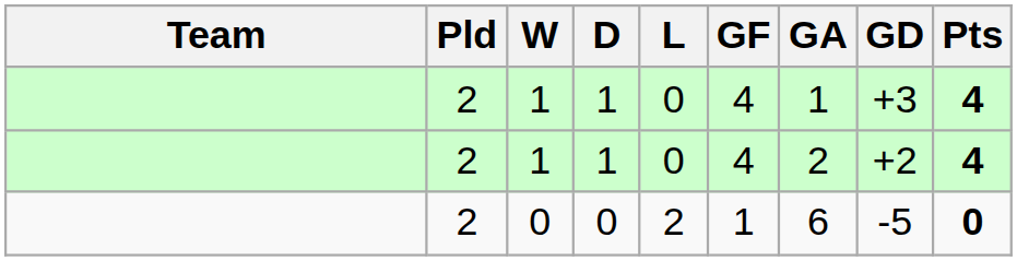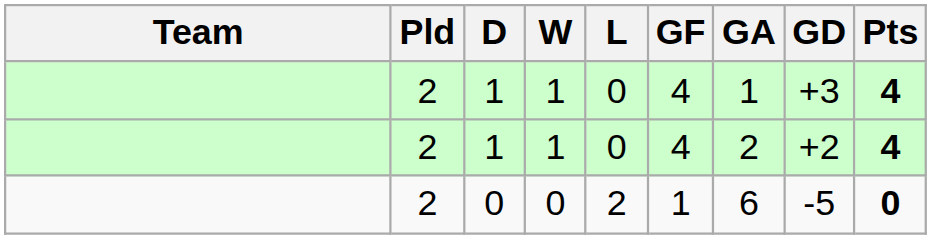 <table class="wikitable" style="text-align:center;">
 <tr>
 <th width=165>Team</th>
 <th width=20>Pld</th>
+<th width=20>D</th>
 <th width=20>W</th>
-<th width=20>D</th>
 <th width=20>L</th>
 <th width=20>GF</th>
 <th width=20>GA</th>
 <th width=20>GD</th>
 <th width=20>Pts</th>
 </tr>
 <tr style="background:#ccffcc">
 <td style="text-align:left;"></td>
 <td>2</td>
 <td>1</td>
 <td>1</td>
 <td>0</td>
 <td>4</td>
 <td>1</td>
 <td>+3</td>
 <td><strong>4</strong></td>
 </tr>
 <tr style="background:#ccffcc;">
 <td style="text-align:left;"></td>
 <td>2</td>
 <td>1</td>
 <td>1</td>
 <td>0</td>
 <td>4</td>
 <td>2</td>
 <td>+2</td>
 <td><strong>4</strong></td>
 </tr>
 <tr>
 <td style="text-align:left;"></td>
 <td>2</td>
 <td>0</td>
 <td>0</td>
 <td>2</td>
 <td>1</td>
 <td>6</td>
 <td>-5</td>
 <td><strong>0</strong></td>
 </tr>
 </table>
